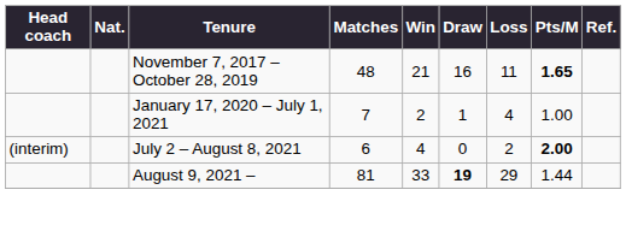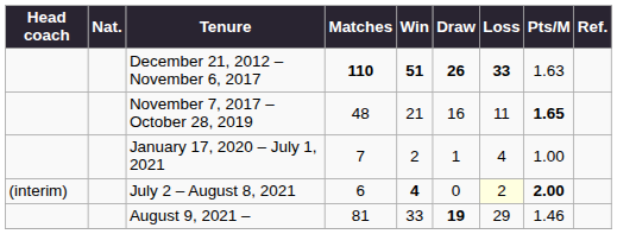 <table class="wikitable sortable" style="text-align:center;">
 <tr>
 <th style="background:#292431; color:#FFFFFF; ">Head coach</th>
 <th style="background:#292431; color:#FFFFFF; ">Nat.</th>
 <th style="background:#292431; color:#FFFFFF; ">Tenure</th>
 <th style="background:#292431; color:#FFFFFF; ">Matches</th>
 <th style="background:#292431; color:#FFFFFF; ">Win</th>
 <th style="background:#292431; color:#FFFFFF; ">Draw</th>
 <th style="background:#292431; color:#FFFFFF; ">Loss</th>
 <th style="background:#292431; color:#FFFFFF; ">Pts/M</th>
 <th style="background:#292431; color:#FFFFFF; ">Ref.</th>
+</tr>
+<tr>
+<td style="text-align:left;"></td>
+<td></td>
+<td style="text-align:left;">December 21, 2012 – November 6, 2017</td>
+<td><strong>110</strong></td>
+<td><strong>51</strong></td>
+<td><strong>26</strong></td>
+<td><strong>33</strong></td>
+<td>1.63</td>
+<td></td>
 </tr>
 <tr>
 <td style="text-align:left;"></td>
 <td></td>
 <td style="text-align:left;">November 7, 2017 – October 28, 2019</td>
 <td>48</td>
 <td>21</td>
 <td>16</td>
 <td>11</td>
 <td><strong>1.65</strong></td>
 <td></td>
 </tr>
 <tr>
 <td style="text-align:left;"></td>
 <td></td>
 <td style="text-align:left;">January 17, 2020 – July 1, 2021</td>
 <td>7</td>
 <td>2</td>
 <td>1</td>
 <td>4</td>
 <td>1.00</td>
 <td></td>
 </tr>
 <tr>
 <td style="text-align:left;"> (interim)</td>
 <td></td>
 <td style="text-align:left;">July 2 – August 8, 2021</td>
 <td>6</td>
-<td>4</td>
+<td><strong>4</strong></td>
 <td>0</td>
-<td>2</td>
+<td style="background: lightyellow;">2</td>
 <td><strong>2.00</strong></td>
 <td></td>
 </tr>
 <tr>
 <td style="text-align:left;"></td>
 <td></td>
 <td style="text-align:left;">August 9, 2021 –</td>
 <td>81</td>
 <td>33</td>
 <td><strong>19</strong></td>
 <td>29</td>
-<td>1.44</td>
+<td>1.46</td>
 <td></td>
 </tr>
 <tr>
 </tr>
 </table>
